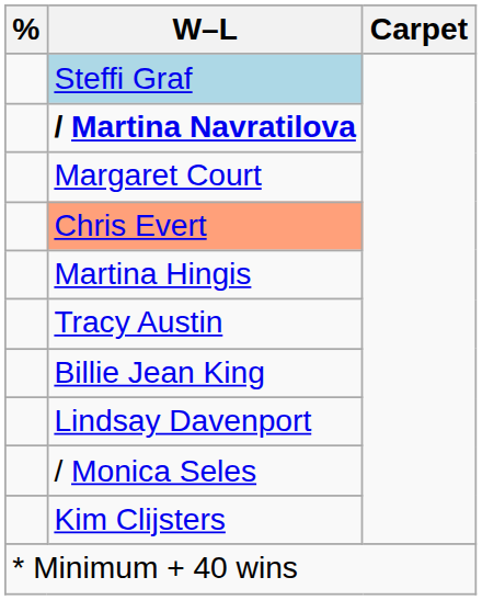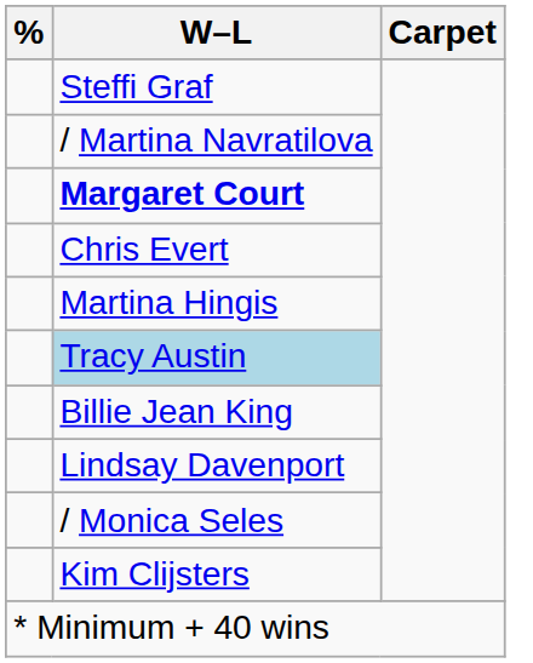 <table class=wikitable nowrap">
 <tr>
 <th>%</th>
 <th>W–L</th>
 <th>Carpet</th>
 </tr>
 <tr>
 <td></td>
-<td style="background: lightblue;"> <a href='#'>Steffi Graf</a></td>
+<td> <a href='#'>Steffi Graf</a></td>
 </tr>
 <tr>
 <td></td>
-<td><strong>/ <a href='#'>Martina Navratilova</a></strong></td>
+<td>/ <a href='#'>Martina Navratilova</a></td>
 </tr>
 <tr>
 <td></td>
-<td> <a href='#'>Margaret Court</a></td>
+<td><strong> <a href='#'>Margaret Court</a></strong></td>
 </tr>
 <tr>
 <td></td>
-<td style="background: lightsalmon;"> <a href='#'>Chris Evert</a></td>
+<td> <a href='#'>Chris Evert</a></td>
 </tr>
 <tr>
 <td></td>
 <td> <a href='#'>Martina Hingis</a></td>
 </tr>
 <tr>
 <td></td>
-<td> <a href='#'>Tracy Austin</a></td>
+<td style="background: lightblue;"> <a href='#'>Tracy Austin</a></td>
 </tr>
 <tr>
 <td></td>
 <td> <a href='#'>Billie Jean King</a></td>
 </tr>
 <tr>
 <td></td>
 <td> <a href='#'>Lindsay Davenport</a></td>
 </tr>
 <tr>
 <td></td>
 <td>/ <a href='#'>Monica Seles</a></td>
 </tr>
 <tr>
 <td></td>
 <td> <a href='#'>Kim Clijsters</a></td>
 </tr>
 <tr>
 <td colspan="3">* Minimum + 40 wins</td>
 </tr>
 </table>
